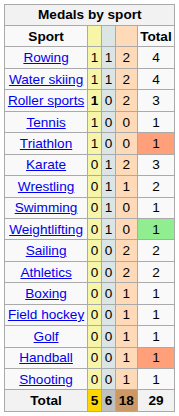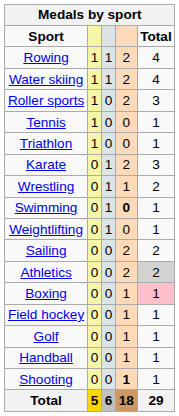 <table class="wikitable" style="font-size:85%; float:right">
 <tr style="background:#efefef;">
 <th colspan=7><strong>Medals by sport</strong></th>
 </tr>
 <tr align=center>
 <td><strong>Sport</strong></td>
 <td style="background:#f7f6a8;"></td>
 <td style="background:#dce5e5;"></td>
 <td style="background:#ffdab9;"></td>
 <td><strong>Total</strong></td>
 </tr>
 <tr align=center>
 <td><a href='#'>Rowing</a></td>
 <td style="background:#f7f6a8;">1</td>
 <td style="background:#dce5e5;">1</td>
 <td style="background:#ffdab9;">2</td>
 <td>4</td>
 </tr>
 <tr align=center>
 <td><a href='#'>Water skiing</a></td>
 <td style="background:#f7f6a8;">1</td>
 <td style="background:#dce5e5;">1</td>
 <td style="background:#ffdab9;">2</td>
 <td>4</td>
 </tr>
 <tr align=center>
 <td><a href='#'>Roller sports</a></td>
-<td style="background:#f7f6a8;"><strong>1</strong></td>
+<td style="background:#f7f6a8;">1</td>
 <td style="background:#dce5e5;">0</td>
 <td style="background:#ffdab9;">2</td>
 <td>3</td>
 </tr>
 <tr align=center>
 <td><a href='#'>Tennis</a></td>
 <td style="background:#f7f6a8;">1</td>
 <td style="background:#dce5e5;">0</td>
 <td style="background:#ffdab9;">0</td>
 <td>1</td>
 </tr>
 <tr align=center>
 <td><a href='#'>Triathlon</a></td>
 <td style="background:#f7f6a8;">1</td>
 <td style="background:#dce5e5;">0</td>
 <td style="background:#ffdab9;">0</td>
-<td style="background: lightsalmon;">1</td>
+<td>1</td>
 </tr>
 <tr align=center>
 <td><a href='#'>Karate</a></td>
 <td style="background:#f7f6a8;">0</td>
 <td style="background:#dce5e5;">1</td>
 <td style="background:#ffdab9;">2</td>
 <td>3</td>
 </tr>
 <tr align=center>
 <td><a href='#'>Wrestling</a></td>
 <td style="background:#f7f6a8;">0</td>
 <td style="background:#dce5e5;">1</td>
 <td style="background:#ffdab9;">1</td>
 <td>2</td>
 </tr>
 <tr align=center>
 <td><a href='#'>Swimming</a></td>
 <td style="background:#f7f6a8;">0</td>
 <td style="background:#dce5e5;">1</td>
-<td style="background:#ffdab9;">0</td>
+<td style="background:#ffdab9;"><strong>0</strong></td>
 <td>1</td>
 </tr>
 <tr align=center>
 <td><a href='#'>Weightlifting</a></td>
 <td style="background:#f7f6a8;">0</td>
 <td style="background:#dce5e5;">1</td>
 <td style="background:#ffdab9;">0</td>
-<td style="background: lightgreen;">1</td>
+<td>1</td>
 </tr>
 <tr align=center>
 <td><a href='#'>Sailing</a></td>
 <td style="background:#f7f6a8;">0</td>
 <td style="background:#dce5e5;">0</td>
 <td style="background:#ffdab9;">2</td>
 <td>2</td>
 </tr>
 <tr align=center>
 <td><a href='#'>Athletics</a></td>
 <td style="background:#f7f6a8;">0</td>
 <td style="background:#dce5e5;">0</td>
 <td style="background:#ffdab9;">2</td>
-<td>2</td>
+<td style="background: lightgrey;">2</td>
 </tr>
 <tr align=center>
 <td><a href='#'>Boxing</a></td>
 <td style="background:#f7f6a8;">0</td>
 <td style="background:#dce5e5;">0</td>
 <td style="background:#ffdab9;">1</td>
-<td>1</td>
+<td style="background: pink;">1</td>
 </tr>
 <tr align=center>
 <td><a href='#'>Field hockey</a></td>
 <td style="background:#f7f6a8;">0</td>
 <td style="background:#dce5e5;">0</td>
 <td style="background:#ffdab9;">1</td>
 <td>1</td>
 </tr>
 <tr align=center>
 <td><a href='#'>Golf</a></td>
 <td style="background:#f7f6a8;">0</td>
 <td style="background:#dce5e5;">0</td>
 <td style="background:#ffdab9;">1</td>
 <td>1</td>
 </tr>
 <tr align=center>
 <td><a href='#'>Handball</a></td>
 <td style="background:#f7f6a8;">0</td>
 <td style="background:#dce5e5;">0</td>
 <td style="background:#ffdab9;">1</td>
-<td style="background: lightsalmon;">1</td>
+<td>1</td>
 </tr>
 <tr align=center>
 <td><a href='#'>Shooting</a></td>
 <td style="background:#f7f6a8;">0</td>
 <td style="background:#dce5e5;">0</td>
-<td style="background:#ffdab9;">1</td>
+<td style="background:#ffdab9;"><strong>1</strong></td>
 <td>1</td>
 </tr>
 <tr align=center>
 <th><strong>Total</strong></th>
 <th style="background:gold;"><strong>5</strong></th>
 <th style="background:silver;"><strong>6</strong></th>
 <th style="background:#c96;"><strong>18</strong></th>
 <th><strong>29</strong></th>
 </tr>
 </table>
